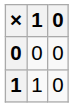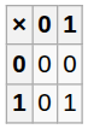 <table class="wikitable" style="text-align:center; margin: auto;">
 <tr>
 <th>×</th>
+<th>0</th>
 <th>1</th>
-<th>0</th>
 </tr>
 <tr>
 <th>0</th>
 <td>0</td>
 <td>0</td>
 </tr>
 <tr>
 <th>1</th>
+<td>0</td>
 <td>1</td>
-<td>0</td>
 </tr>
 </table>
